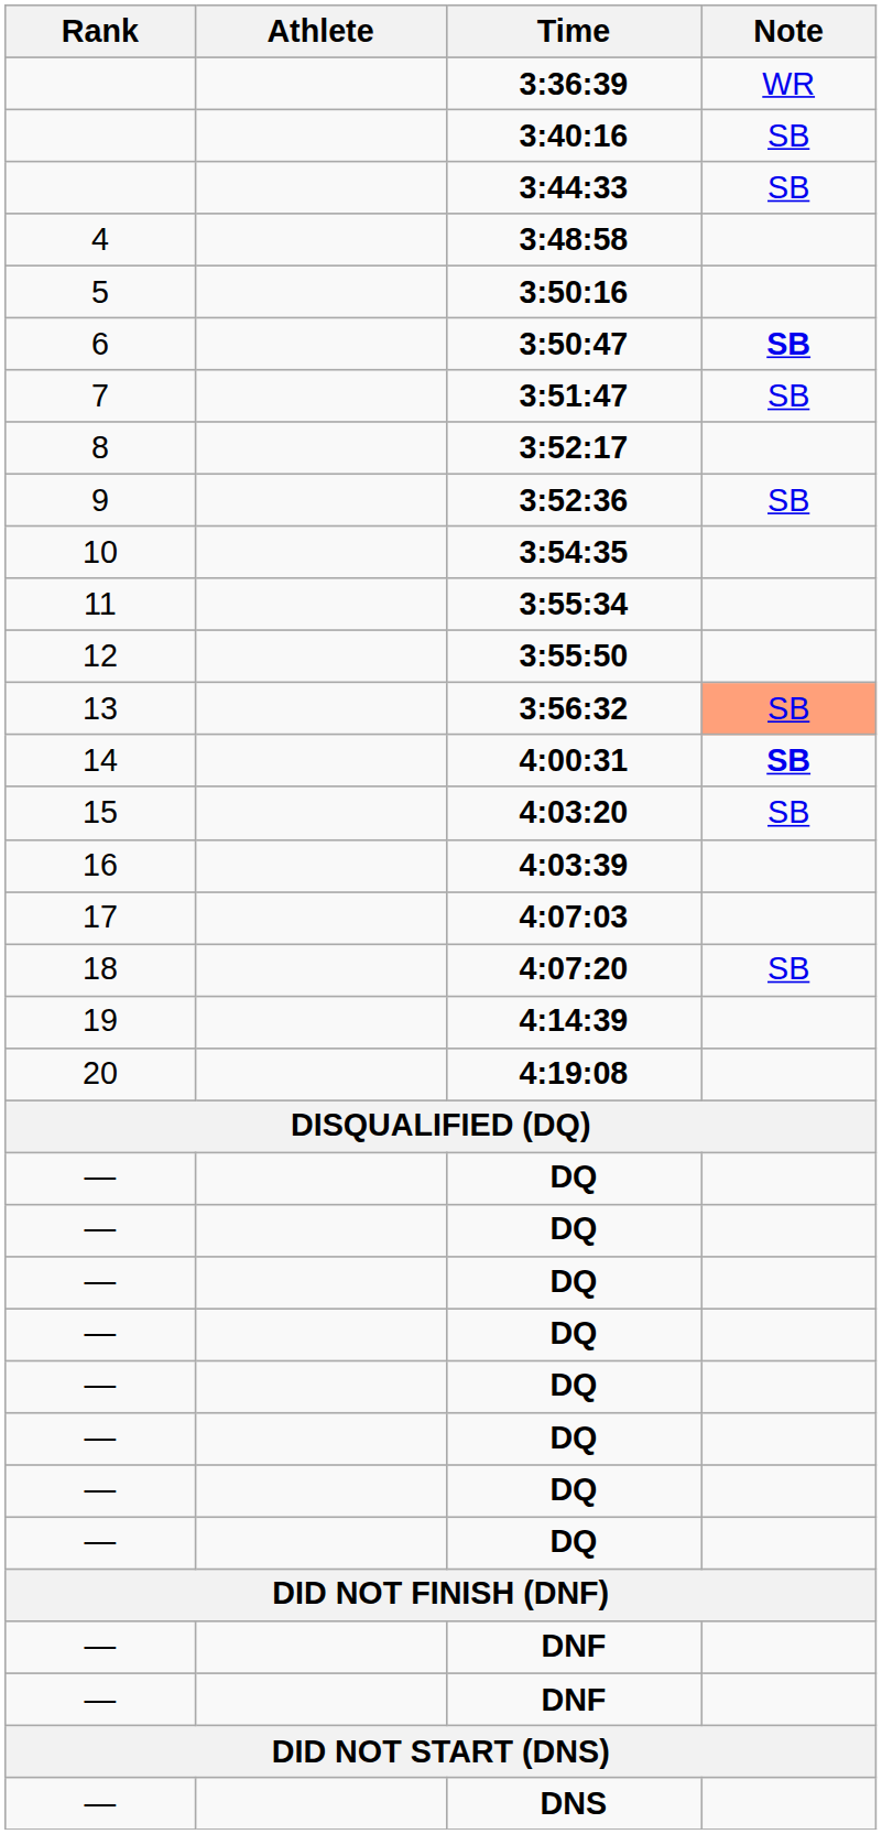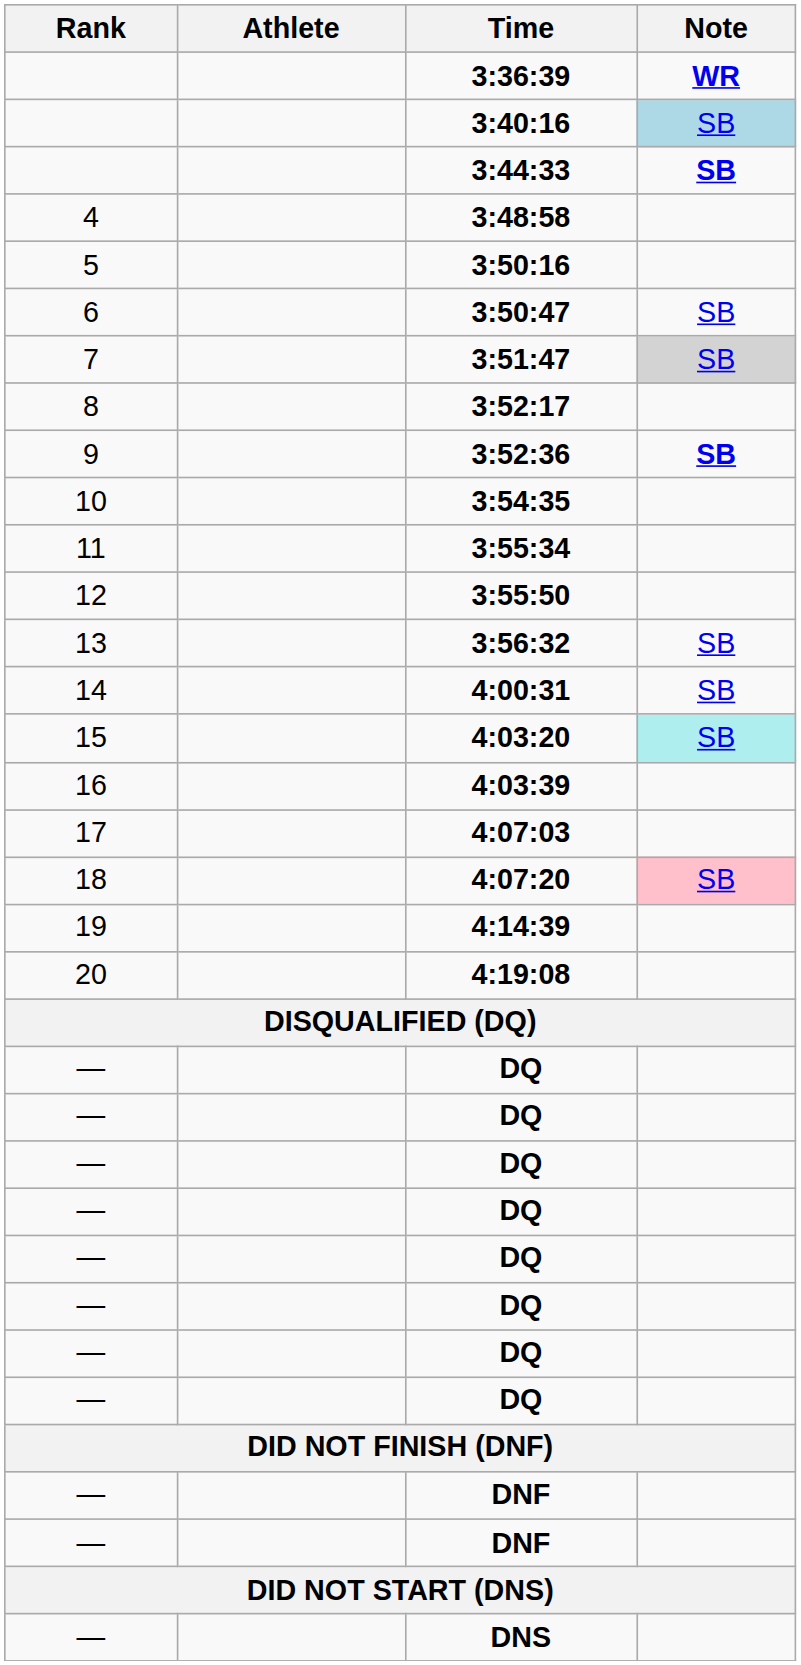 <table class="wikitable" style=" text-align:center; font-size:110%;" width="55%">
 <tr>
 <th>Rank</th>
 <th>Athlete</th>
 <th>Time</th>
 <th>Note</th>
 </tr>
 <tr>
 <td></td>
 <td align=left></td>
 <td><strong>3:36:39</strong></td>
-<td><a href='#'>WR</a></td>
+<td><strong><a href='#'>WR</a></strong></td>
 </tr>
 <tr>
 <td></td>
 <td align=left></td>
 <td><strong>3:40:16</strong></td>
-<td><a href='#'>SB</a></td>
+<td style="background: lightblue;"><a href='#'>SB</a></td>
 </tr>
 <tr>
 <td></td>
 <td align=left></td>
 <td><strong>3:44:33</strong></td>
-<td><a href='#'>SB</a></td>
+<td><strong><a href='#'>SB</a></strong></td>
 </tr>
 <tr>
 <td>4</td>
 <td align=left></td>
 <td><strong>3:48:58</strong></td>
 <td></td>
 </tr>
 <tr>
 <td>5</td>
 <td align=left></td>
 <td><strong>3:50:16</strong></td>
 <td></td>
 </tr>
 <tr>
 <td>6</td>
 <td align=left></td>
 <td><strong>3:50:47</strong></td>
-<td><strong><a href='#'>SB</a></strong></td>
+<td><a href='#'>SB</a></td>
 </tr>
 <tr>
 <td>7</td>
 <td align=left></td>
 <td><strong>3:51:47</strong></td>
-<td><a href='#'>SB</a></td>
+<td style="background: lightgrey;"><a href='#'>SB</a></td>
 </tr>
 <tr>
 <td>8</td>
 <td align=left></td>
 <td><strong>3:52:17</strong></td>
 <td></td>
 </tr>
 <tr>
 <td>9</td>
 <td align=left></td>
 <td><strong>3:52:36</strong></td>
-<td><a href='#'>SB</a></td>
+<td><strong><a href='#'>SB</a></strong></td>
 </tr>
 <tr>
 <td>10</td>
 <td align=left></td>
 <td><strong>3:54:35</strong></td>
 <td></td>
 </tr>
 <tr>
 <td>11</td>
 <td align=left></td>
 <td><strong>3:55:34</strong></td>
 <td></td>
 </tr>
 <tr>
 <td>12</td>
 <td align=left></td>
 <td><strong>3:55:50</strong></td>
 <td></td>
 </tr>
 <tr>
 <td>13</td>
 <td align=left></td>
 <td><strong>3:56:32</strong></td>
-<td style="background: lightsalmon;"><a href='#'>SB</a></td>
+<td><a href='#'>SB</a></td>
 </tr>
 <tr>
 <td>14</td>
 <td align=left></td>
 <td><strong>4:00:31</strong></td>
-<td><strong><a href='#'>SB</a></strong></td>
+<td><a href='#'>SB</a></td>
 </tr>
 <tr>
 <td>15</td>
 <td align=left></td>
 <td><strong>4:03:20</strong></td>
-<td><a href='#'>SB</a></td>
+<td style="background: paleturquoise;"><a href='#'>SB</a></td>
 </tr>
 <tr>
 <td>16</td>
 <td align=left></td>
 <td><strong>4:03:39</strong></td>
 <td></td>
 </tr>
 <tr>
 <td>17</td>
 <td align=left></td>
 <td><strong>4:07:03</strong></td>
 <td></td>
 </tr>
 <tr>
 <td>18</td>
 <td align=left></td>
 <td><strong>4:07:20</strong></td>
-<td><a href='#'>SB</a></td>
+<td style="background: pink;"><a href='#'>SB</a></td>
 </tr>
 <tr>
 <td>19</td>
 <td align=left></td>
 <td><strong>4:14:39</strong></td>
 <td></td>
 </tr>
 <tr>
 <td>20</td>
 <td align=left></td>
 <td><strong>4:19:08</strong></td>
 <td></td>
 </tr>
 <tr>
 <th colspan="4">DISQUALIFIED (DQ)</th>
 </tr>
 <tr>
 <td>—</td>
 <td align=left></td>
 <td><strong>DQ </strong></td>
 <td></td>
 </tr>
 <tr>
 <td>—</td>
 <td align=left></td>
 <td><strong>DQ </strong></td>
 <td></td>
 </tr>
 <tr>
 <td>—</td>
 <td align=left></td>
 <td><strong>DQ </strong></td>
 <td></td>
 </tr>
 <tr>
 <td>—</td>
 <td align=left></td>
 <td><strong>DQ </strong></td>
 <td></td>
 </tr>
 <tr>
 <td>—</td>
 <td align=left></td>
 <td><strong>DQ </strong></td>
 <td></td>
 </tr>
 <tr>
 <td>—</td>
 <td align=left></td>
 <td><strong>DQ </strong></td>
 <td></td>
 </tr>
 <tr>
 <td>—</td>
 <td align=left></td>
 <td><strong>DQ </strong></td>
 <td></td>
 </tr>
 <tr>
 <td>—</td>
 <td align=left></td>
 <td><strong>DQ </strong></td>
 <td></td>
 </tr>
 <tr>
 <th colspan="4">DID NOT FINISH (DNF)</th>
 </tr>
 <tr>
 <td>—</td>
 <td align=left></td>
 <td><strong>DNF </strong></td>
 <td></td>
 </tr>
 <tr>
 <td>—</td>
 <td align=left></td>
 <td><strong>DNF </strong></td>
 <td></td>
 </tr>
 <tr>
 <th colspan="4">DID NOT START (DNS)</th>
 </tr>
 <tr>
 <td>—</td>
 <td align=left></td>
 <td><strong>DNS </strong></td>
 <td></td>
 </tr>
 </table>
